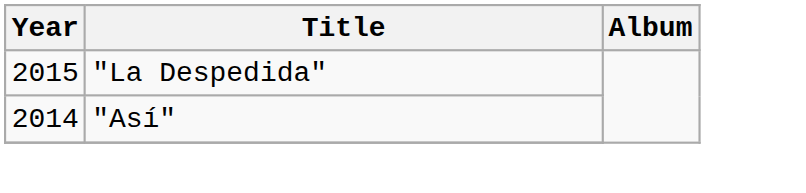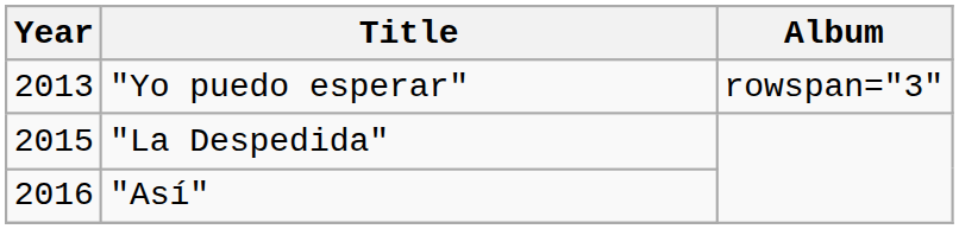 <table class="wikitable">
 <tr>
 <th>Year</th>
 <th style="width:18em;">Title</th>
 <th>Album</th>
 </tr>
 <tr>
+<td>2013</td>
+<td>"Yo puedo esperar"</td>
+<td>rowspan="3" </td>
+</tr>
+<tr>
 <td>2015</td>
 <td>"La Despedida"</td>
 </tr>
 <tr>
-<td>2014</td>
+<td>2016</td>
 <td>"Así"</td>
 </tr>
 <tr>
 </tr>
 </table>
